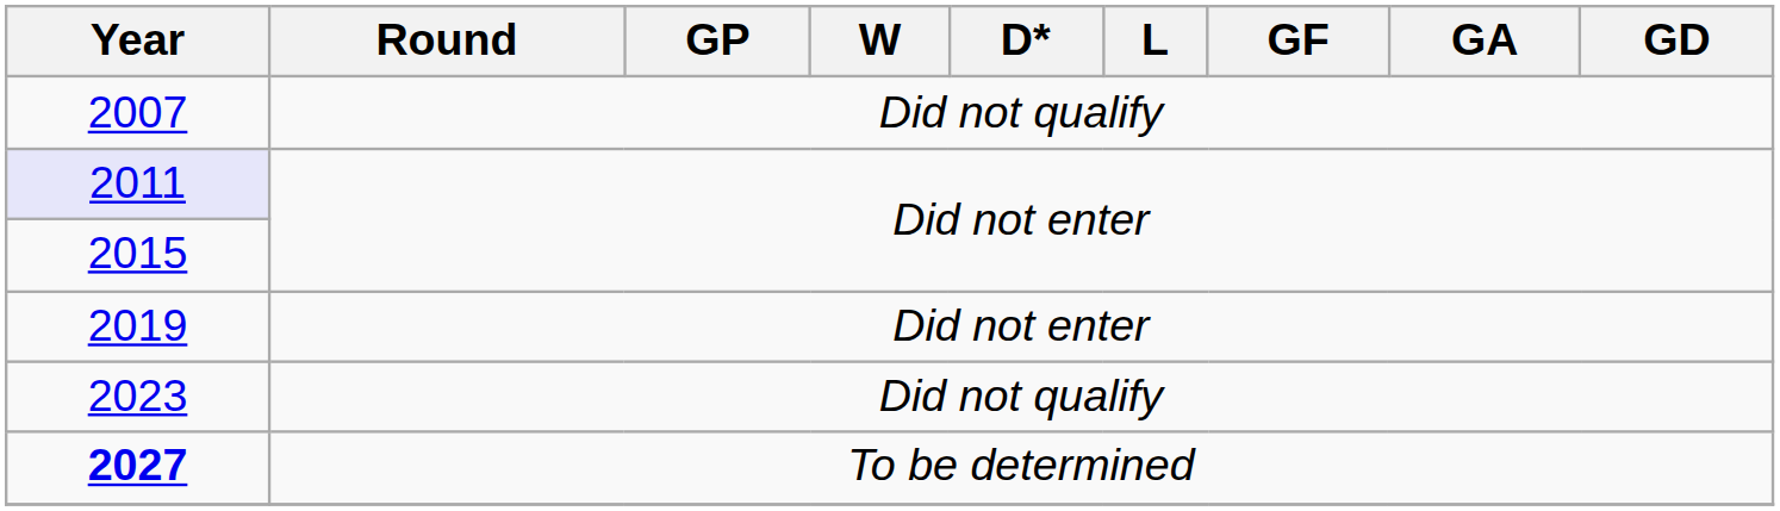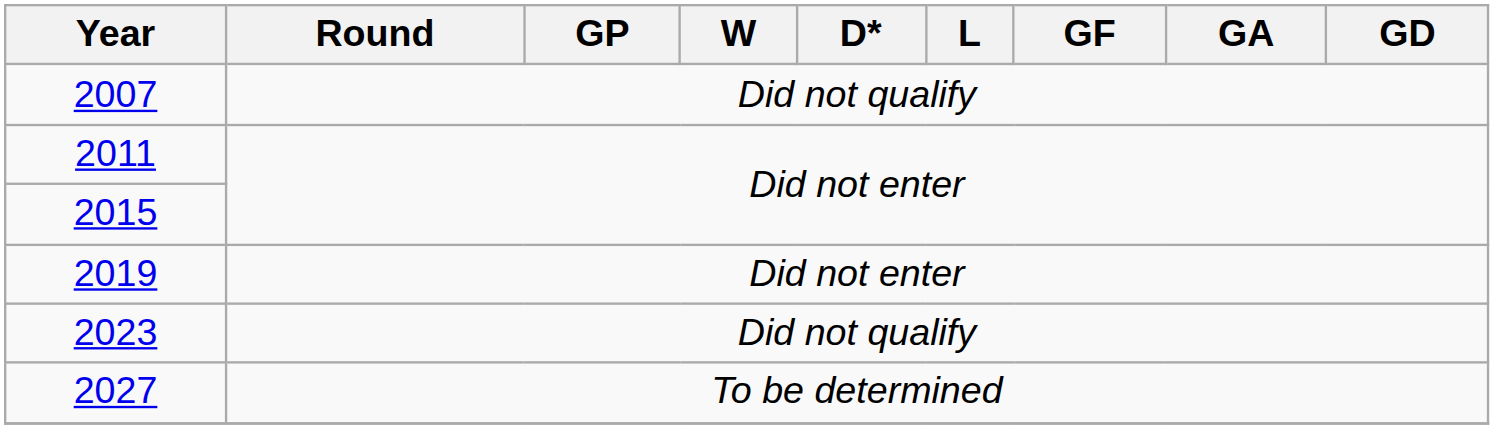 <table class="wikitable" style="text-align: center; width:50%;">
 <tr>
 <th>Year</th>
 <th>Round</th>
 <th>GP</th>
 <th>W</th>
 <th>D*</th>
 <th>L</th>
 <th>GF</th>
 <th>GA</th>
 <th>GD</th>
 </tr>
 <tr>
 <td> <a href='#'>2007</a></td>
 <td colspan=8><em>Did not qualify</em></td>
 </tr>
 <tr>
-<td style="background: lavender;"> <a href='#'>2011</a></td>
+<td> <a href='#'>2011</a></td>
 <td rowspan=2 colspan=8><em>Did not enter</em></td>
 </tr>
 <tr>
 <td> <a href='#'>2015</a></td>
 </tr>
 <tr>
 <td> <a href='#'>2019</a></td>
 <td colspan=8><em>Did not enter</em></td>
 </tr>
 <tr>
 <td> <a href='#'>2023</a></td>
 <td colspan=8><em>Did not qualify</em></td>
 </tr>
 <tr>
-<td><strong> <a href='#'>2027</a></strong></td>
+<td> <a href='#'>2027</a></td>
 <td colspan=8><em>To be determined</em></td>
 </tr>
 <tr>
 </tr>
 </table>
